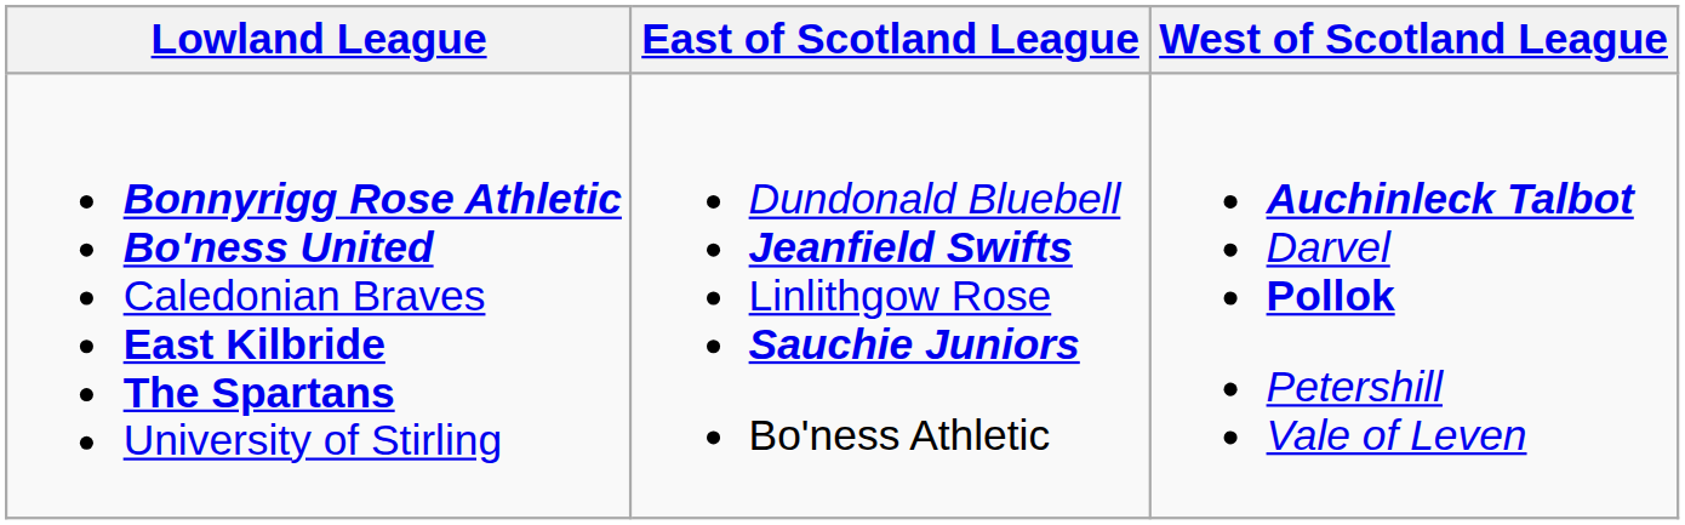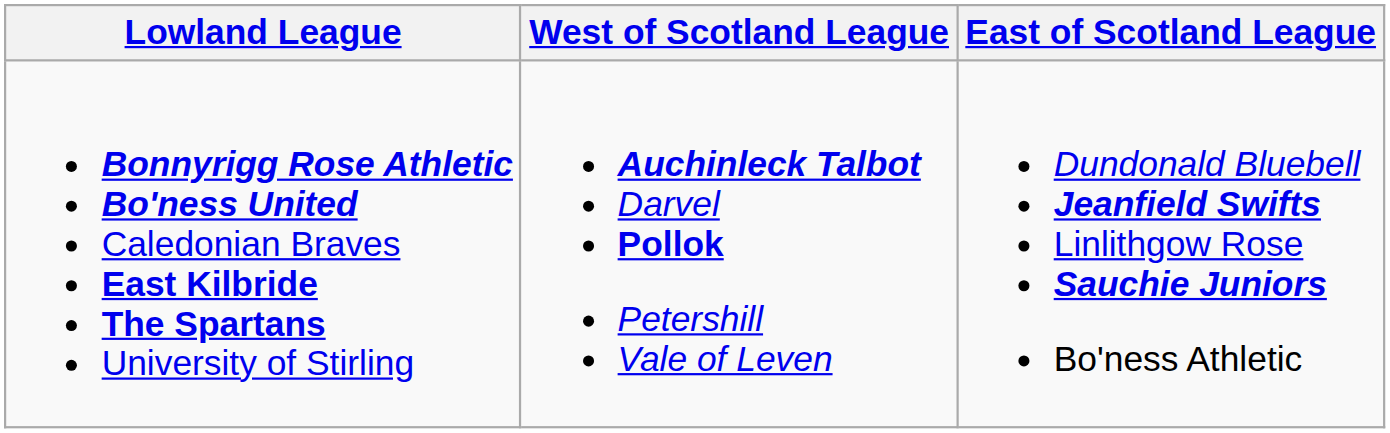 <table class="wikitable" style="text-align:left">
 <tr>
 <th><a href='#'>Lowland League</a></th>
+<th><a href='#'>West of Scotland League</a></th>
 <th><a href='#'>East of Scotland League</a></th>
-<th><a href='#'>West of Scotland League</a></th>
 </tr>
 <tr>
 <td valign=top><br><ul><li><strong><em><a href='#'>Bonnyrigg Rose Athletic</a></em></strong></li><li><strong><em><a href='#'>Bo'ness United</a></em></strong></li><li><a href='#'>Caledonian Braves</a></li><li><strong><a href='#'>East Kilbride</a></strong></li><li><strong><a href='#'>The Spartans</a></strong></li><li><a href='#'>University of Stirling</a></li></ul></td>
+<td valign=top><br><ul><li><strong><em><a href='#'>Auchinleck Talbot</a></em></strong></li><li><em><a href='#'>Darvel</a></em></li><li><strong><a href='#'>Pollok</a></strong></li></ul><ul><li><em><a href='#'>Petershill</a></em></li><li><em><a href='#'>Vale of Leven</a></em></li></ul></td>
 <td valign=top><br><ul><li><em><a href='#'>Dundonald Bluebell</a></em></li><li><strong><em><a href='#'>Jeanfield Swifts</a></em></strong></li><li><a href='#'>Linlithgow Rose</a></li><li><strong><em><a href='#'>Sauchie Juniors</a></em></strong></li></ul><ul><li>Bo'ness Athletic</li></ul></td>
-<td valign=top><br><ul><li><strong><em><a href='#'>Auchinleck Talbot</a></em></strong></li><li><em><a href='#'>Darvel</a></em></li><li><strong><a href='#'>Pollok</a></strong></li></ul><ul><li><em><a href='#'>Petershill</a></em></li><li><em><a href='#'>Vale of Leven</a></em></li></ul></td>
 </tr>
 </table>
